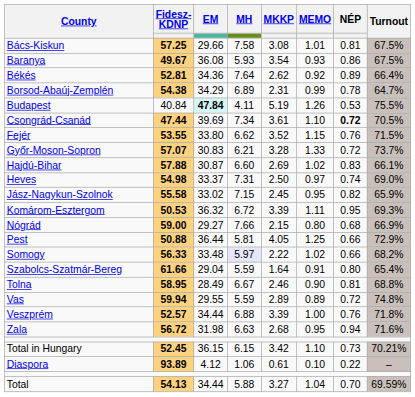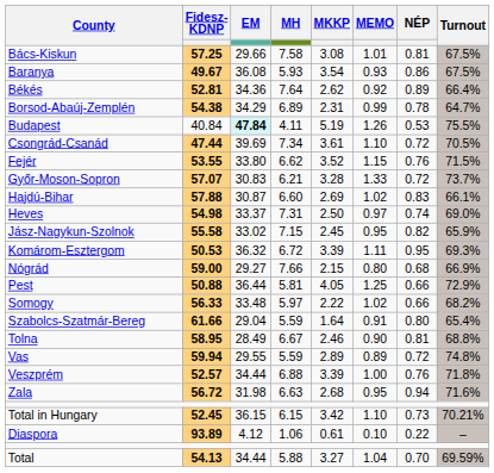 <table class="wikitable sortable" style="text-align:center;font-size:90%;line-height:14px">
 <tr style="height:40px;">
 <th style="width:200px;" rowspan="2"><a href='#'>County</a></th>
 <th style="width:40px;"><a href='#'>Fidesz-KDNP</a></th>
 <th style="width:40px;"><a href='#'>EM</a></th>
 <th style="width:40px;"><a href='#'>MH</a></th>
 <th style="width:40px;"><a href='#'>MKKP</a></th>
 <th style="width:40px;"><a href='#'>MEMO</a></th>
 <th style="width:40px;">NÉP</th>
 <th rowspan="2">Turnout </th>
 </tr>
 <tr>
 <th style="background:"></th>
 <th style="background:#4CB5A2;"></th>
 <th style="background:#688D1B;"></th>
 <th style="background:"></th>
 <th style="background:"></th>
 <th style="background:"></th>
 </tr>
 <tr>
 <td align="left"><a href='#'>Bács-Kiskun</a></td>
 <td style="background:#ffd27f;"><strong>57.25</strong></td>
 <td>29.66</td>
 <td>7.58</td>
 <td>3.08</td>
 <td>1.01</td>
 <td>0.81</td>
 <td style="background:#C9C0BB;">67.5%</td>
 </tr>
 <tr>
 <td align="left"><a href='#'>Baranya</a></td>
 <td style="background:#ffd27f;"><strong>49.67</strong></td>
 <td>36.08</td>
 <td>5.93</td>
 <td>3.54</td>
 <td>0.93</td>
 <td>0.86</td>
 <td style="background:#C9C0BB;">67.5%</td>
 </tr>
 <tr>
 <td align="left"><a href='#'>Békés</a></td>
 <td style="background:#ffd27f;"><strong>52.81</strong></td>
 <td>34.36</td>
 <td>7.64</td>
 <td>2.62</td>
 <td>0.92</td>
 <td>0.89</td>
 <td style="background:#C9C0BB;">66.4%</td>
 </tr>
 <tr>
 <td align="left"><a href='#'>Borsod-Abaúj-Zemplén</a></td>
 <td style="background:#ffd27f;"><strong>54.38</strong></td>
 <td>34.29</td>
 <td>6.89</td>
 <td>2.31</td>
 <td>0.99</td>
 <td>0.78</td>
 <td style="background:#C9C0BB;">64.7%</td>
 </tr>
 <tr>
 <td align="left"><a href='#'>Budapest</a></td>
 <td>40.84</td>
 <td style="background:#D4F7F6"><strong>47.84</strong></td>
 <td>4.11</td>
 <td>5.19</td>
 <td>1.26</td>
 <td>0.53</td>
 <td style="background:#C9C0BB;">75.5%</td>
 </tr>
 <tr>
 <td align="left"><a href='#'>Csongrád-Csanád</a></td>
 <td style="background:#ffd27f;"><strong>47.44</strong></td>
 <td>39.69</td>
 <td>7.34</td>
 <td>3.61</td>
 <td>1.10</td>
-<td><strong>0.72</strong></td>
+<td>0.72</td>
 <td style="background:#C9C0BB;">70.5%</td>
 </tr>
 <tr>
 <td align="left"><a href='#'>Fejér</a></td>
 <td style="background:#ffd27f;"><strong>53.55</strong></td>
 <td>33.80</td>
 <td>6.62</td>
 <td>3.52</td>
 <td>1.15</td>
 <td>0.76</td>
 <td style="background:#C9C0BB;">71.5%</td>
 </tr>
 <tr>
 <td align="left"><a href='#'>Győr-Moson-Sopron</a></td>
 <td style="background:#ffd27f;"><strong>57.07</strong></td>
 <td>30.83</td>
 <td>6.21</td>
 <td>3.28</td>
 <td>1.33</td>
 <td>0.72</td>
 <td style="background:#C9C0BB;">73.7%</td>
 </tr>
 <tr>
 <td align="left"><a href='#'>Hajdú-Bihar</a></td>
 <td style="background:#ffd27f;"><strong>57.88</strong></td>
 <td>30.87</td>
 <td>6.60</td>
 <td>2.69</td>
 <td>1.02</td>
 <td>0.83</td>
 <td style="background:#C9C0BB;">66.1%</td>
 </tr>
 <tr>
 <td align="left"><a href='#'>Heves</a></td>
 <td style="background:#ffd27f;"><strong>54.98</strong></td>
 <td>33.37</td>
 <td>7.31</td>
 <td>2.50</td>
 <td>0.97</td>
 <td>0.74</td>
 <td style="background:#C9C0BB;">69.0%</td>
 </tr>
 <tr>
 <td align="left"><a href='#'>Jász-Nagykun-Szolnok</a></td>
 <td style="background:#ffd27f;"><strong>55.58</strong></td>
 <td>33.02</td>
 <td>7.15</td>
 <td>2.45</td>
 <td>0.95</td>
 <td>0.82</td>
 <td style="background:#C9C0BB;">65.9%</td>
 </tr>
 <tr>
 <td align="left"><a href='#'>Komárom-Esztergom</a></td>
 <td style="background:#ffd27f;"><strong>50.53</strong></td>
 <td>36.32</td>
 <td>6.72</td>
 <td>3.39</td>
 <td>1.11</td>
 <td>0.95</td>
 <td style="background:#C9C0BB;">69.3%</td>
 </tr>
 <tr>
 <td align="left"><a href='#'>Nógrád</a></td>
 <td style="background:#ffd27f;"><strong>59.00</strong></td>
 <td>29.27</td>
 <td>7.66</td>
 <td>2.15</td>
 <td>0.80</td>
 <td>0.68</td>
 <td style="background:#C9C0BB;">66.9%</td>
 </tr>
 <tr>
 <td align="left"><a href='#'>Pest</a></td>
 <td style="background:#ffd27f;"><strong>50.88</strong></td>
 <td>36.44</td>
 <td>5.81</td>
 <td>4.05</td>
 <td>1.25</td>
 <td>0.66</td>
 <td style="background:#C9C0BB;">72.9%</td>
 </tr>
 <tr>
 <td align="left"><a href='#'>Somogy</a></td>
 <td style="background:#ffd27f;"><strong>56.33</strong></td>
 <td>33.48</td>
-<td style="background: lavender;">5.97</td>
+<td>5.97</td>
 <td>2.22</td>
 <td>1.02</td>
 <td>0.66</td>
 <td style="background:#C9C0BB;">68.2%</td>
 </tr>
 <tr>
 <td align="left"><a href='#'>Szabolcs-Szatmár-Bereg</a></td>
 <td style="background:#ffd27f;"><strong>61.66</strong></td>
 <td>29.04</td>
 <td>5.59</td>
 <td>1.64</td>
 <td>0.91</td>
 <td>0.80</td>
 <td style="background:#C9C0BB;">65.4%</td>
 </tr>
 <tr>
 <td align="left"><a href='#'>Tolna</a></td>
 <td style="background:#ffd27f;"><strong>58.95</strong></td>
 <td>28.49</td>
 <td>6.67</td>
 <td>2.46</td>
 <td>0.90</td>
 <td>0.81</td>
 <td style="background:#C9C0BB;">68.8%</td>
 </tr>
 <tr>
 <td align="left"><a href='#'>Vas</a></td>
 <td style="background:#ffd27f;"><strong>59.94</strong></td>
 <td>29.55</td>
 <td>5.59</td>
 <td>2.89</td>
 <td>0.89</td>
 <td>0.72</td>
 <td style="background:#C9C0BB;">74.8%</td>
 </tr>
 <tr>
 <td align="left"><a href='#'>Veszprém</a></td>
 <td style="background:#ffd27f;"><strong>52.57</strong></td>
 <td>34.44</td>
 <td>6.88</td>
 <td>3.39</td>
 <td>1.00</td>
 <td>0.76</td>
 <td style="background:#C9C0BB;">71.8%</td>
 </tr>
 <tr>
 <td align="left"><a href='#'>Zala</a></td>
 <td style="background:#ffd27f;"><strong>56.72</strong></td>
 <td>31.98</td>
 <td>6.63</td>
 <td>2.68</td>
 <td>0.95</td>
 <td>0.94</td>
 <td style="background:#C9C0BB;">71.6%</td>
 </tr>
 <tr>
 <td colspan=10></td>
 </tr>
 <tr>
 <td align="left">Total in Hungary</td>
 <td style="background:#ffd27f;"><strong>52.45</strong></td>
 <td>36.15</td>
 <td>6.15</td>
 <td>3.42</td>
 <td>1.10</td>
 <td>0.73</td>
 <td style="background:#C9C0BB;">70.21%</td>
 </tr>
 <tr>
 <td align="left"><a href='#'>Diaspora</a></td>
 <td style="background:#ffd27f;"><strong>93.89</strong></td>
 <td>4.12</td>
 <td>1.06</td>
 <td>0.61</td>
 <td>0.10</td>
 <td>0.22</td>
 <td style="background:#C9C0BB;">–</td>
 </tr>
 <tr>
 <td colspan=10></td>
 </tr>
 <tr>
 <td align="left">Total</td>
 <td style="background:#ffd27f;"><strong>54.13</strong></td>
 <td>34.44</td>
 <td>5.88</td>
 <td>3.27</td>
 <td>1.04</td>
 <td>0.70</td>
 <td style="background:#C9C0BB;">69.59%</td>
 </tr>
 </table>
